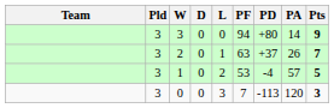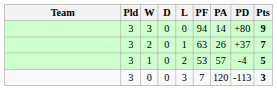 <table class="wikitable" style="text-align:center;">
 <tr>
 <th width=175>Team</th>
 <th width=20 abbr="Played">Pld</th>
 <th width=20 abbr="Won">W</th>
 <th width=20 abbr="Drawn">D</th>
 <th width=20 abbr="Lost">L</th>
 <th width=20 abbr="Points for">PF</th>
+<th width=20 abbr="Points against">PA</th>
 <th width=25 abbr="Points difference">PD</th>
-<th width=20 abbr="Points against">PA</th>
 <th width=20 abbr="Points">Pts</th>
 </tr>
 <tr bgcolor=ccffcc>
 <td style="text-align:left;"></td>
 <td>3</td>
 <td>3</td>
 <td>0</td>
 <td>0</td>
 <td>94</td>
+<td>14</td>
 <td>+80</td>
-<td>14</td>
 <td><strong>9</strong></td>
 </tr>
 <tr bgcolor=ccffcc>
 <td style="text-align:left;"></td>
 <td>3</td>
 <td>2</td>
 <td>0</td>
 <td>1</td>
 <td>63</td>
+<td>26</td>
 <td>+37</td>
-<td>26</td>
 <td><strong>7</strong></td>
 </tr>
 <tr bgcolor=ccffcc>
 <td style="text-align:left;"></td>
 <td>3</td>
 <td>1</td>
 <td>0</td>
 <td>2</td>
 <td>53</td>
+<td>57</td>
 <td>-4</td>
-<td>57</td>
 <td><strong>5</strong></td>
 </tr>
 <tr>
 <td style="text-align:left;"></td>
 <td>3</td>
 <td>0</td>
 <td>0</td>
 <td>3</td>
 <td>7</td>
+<td>120</td>
 <td>-113</td>
-<td>120</td>
 <td><strong>3</strong></td>
 </tr>
 </table>
